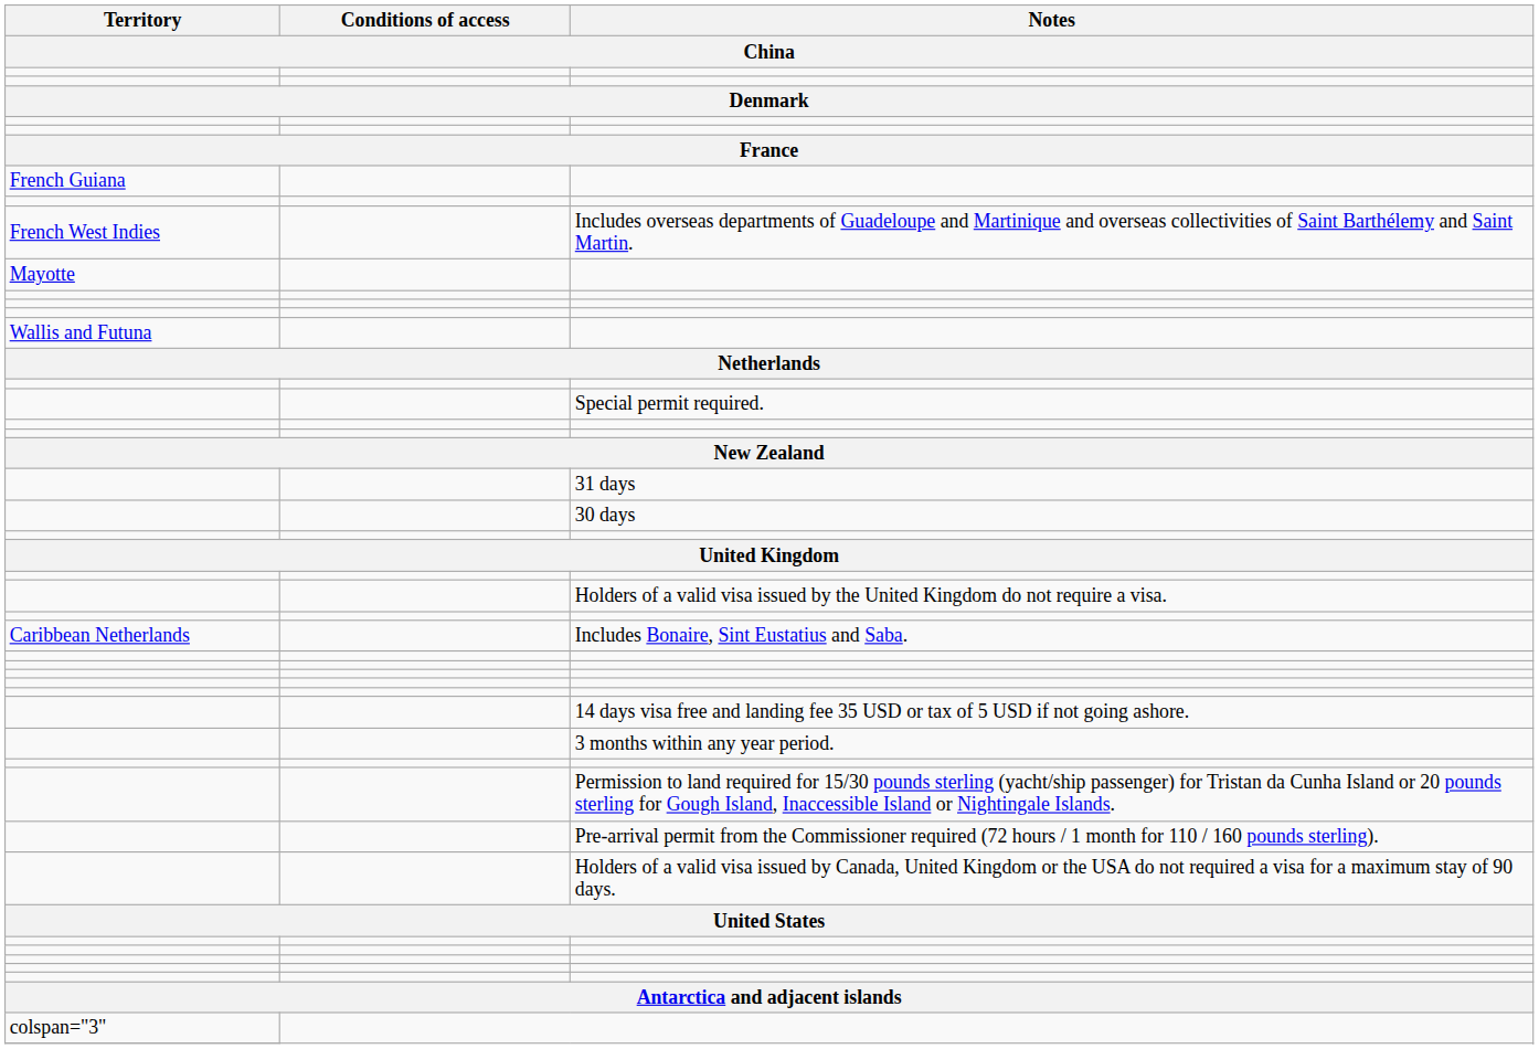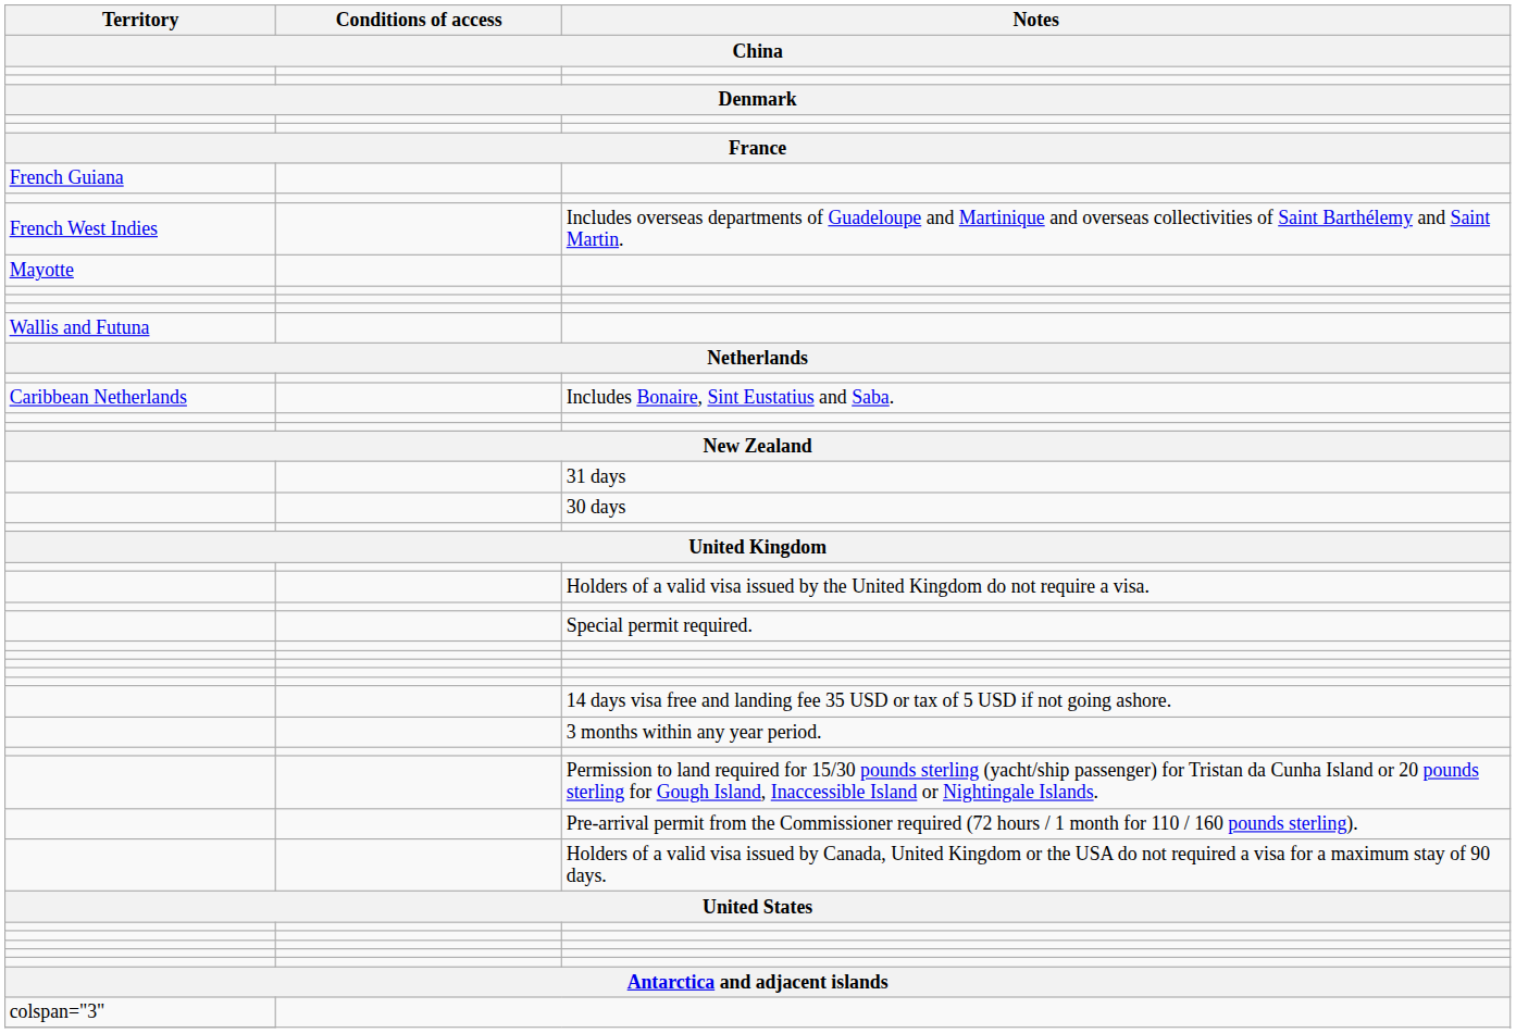 <table class="wikitable" style="text-align: left; table-layout: fixed;">
 <tr>
 <th width="18%">Territory</th>
 <th width="19%">Conditions of access</th>
 <th>Notes</th>
 </tr>
 <tr>
 <th colspan="3">China</th>
 </tr>
 <tr>
 <td></td>
 <td></td>
 <td></td>
 </tr>
 <tr>
 <td></td>
 <td></td>
 <td></td>
 </tr>
 <tr>
 <th colspan="3">Denmark</th>
 </tr>
 <tr>
 <td></td>
 <td></td>
 <td></td>
 </tr>
 <tr>
 <td></td>
 <td></td>
 <td></td>
 </tr>
 <tr>
 <th colspan="3">France</th>
 </tr>
 <tr>
 <td>  <a href='#'>French Guiana</a></td>
 <td></td>
 <td></td>
 </tr>
 <tr>
 <td></td>
 <td></td>
 <td></td>
 </tr>
 <tr>
 <td> <a href='#'>French West Indies</a></td>
 <td></td>
 <td>Includes overseas departments of <a href='#'>Guadeloupe</a> and <a href='#'>Martinique</a> and overseas collectivities of <a href='#'>Saint Barthélemy</a> and <a href='#'>Saint Martin</a>.</td>
 </tr>
 <tr>
 <td>  <a href='#'>Mayotte</a></td>
 <td></td>
 <td></td>
 </tr>
 <tr>
 <td></td>
 <td></td>
 <td></td>
 </tr>
 <tr>
 <td></td>
 <td></td>
 <td></td>
 </tr>
 <tr>
 <td></td>
 <td></td>
 <td></td>
 </tr>
 <tr>
 <td>  <a href='#'>Wallis and Futuna</a></td>
 <td></td>
 <td></td>
 </tr>
 <tr>
 <th colspan="3">Netherlands</th>
 </tr>
 <tr>
 <td></td>
 <td></td>
 <td></td>
 </tr>
 <tr>
+<td> <a href='#'>Caribbean Netherlands</a></td>
 <td></td>
-<td></td>
-<td>Special permit required.</td>
+<td>Includes <a href='#'>Bonaire</a>, <a href='#'>Sint Eustatius</a> and <a href='#'>Saba</a>.</td>
 </tr>
 <tr>
 <td></td>
 <td></td>
 <td></td>
 </tr>
 <tr>
 <td></td>
 <td></td>
 <td></td>
 </tr>
 <tr>
 <th colspan="3">New Zealand</th>
 </tr>
 <tr>
 <td></td>
 <td></td>
 <td>31 days</td>
 </tr>
 <tr>
 <td></td>
 <td></td>
 <td>30 days</td>
 </tr>
 <tr>
 <td></td>
 <td></td>
 <td></td>
 </tr>
 <tr>
 <th colspan="3">United Kingdom</th>
 </tr>
 <tr>
 <td></td>
 <td></td>
 <td></td>
 </tr>
 <tr>
 <td></td>
 <td></td>
 <td>Holders of a valid visa issued by the United Kingdom do not require a visa.</td>
 </tr>
 <tr>
 <td></td>
 <td></td>
 <td></td>
 </tr>
 <tr>
-<td> <a href='#'>Caribbean Netherlands</a></td>
 <td></td>
-<td>Includes <a href='#'>Bonaire</a>, <a href='#'>Sint Eustatius</a> and <a href='#'>Saba</a>.</td>
+<td></td>
+<td>Special permit required.</td>
 </tr>
 <tr>
 <td></td>
 <td></td>
 <td></td>
 </tr>
 <tr>
 <td></td>
 <td></td>
 <td></td>
 </tr>
 <tr>
 <td></td>
 <td></td>
 <td></td>
 </tr>
 <tr>
 <td></td>
 <td></td>
 <td></td>
 </tr>
 <tr>
 <td></td>
 <td></td>
 <td></td>
 </tr>
 <tr>
 <td></td>
 <td></td>
 <td>14 days visa free and landing fee 35 USD or tax of 5 USD if not going ashore.</td>
 </tr>
 <tr>
 <td></td>
 <td></td>
 <td>3 months within any year period.</td>
 </tr>
 <tr>
 <td></td>
 <td></td>
 <td></td>
 </tr>
 <tr>
 <td></td>
 <td></td>
 <td>Permission to land required for 15/30 <a href='#'>pounds sterling</a> (yacht/ship passenger) for Tristan da Cunha Island or 20 <a href='#'>pounds sterling</a> for <a href='#'>Gough Island</a>, <a href='#'>Inaccessible Island</a> or <a href='#'>Nightingale Islands</a>.</td>
 </tr>
 <tr>
 <td></td>
 <td></td>
 <td>Pre-arrival permit from the Commissioner required (72 hours / 1 month for 110 / 160 <a href='#'>pounds sterling</a>).</td>
 </tr>
 <tr>
 <td></td>
 <td></td>
 <td>Holders of a valid visa issued by Canada, United Kingdom or the USA do not required a visa for a maximum stay of 90 days.</td>
 </tr>
 <tr>
 <th colspan="3">United States</th>
 </tr>
 <tr>
 <td></td>
 <td></td>
 <td></td>
 </tr>
 <tr>
 <td></td>
 <td></td>
 <td></td>
 </tr>
 <tr>
 <td></td>
 <td></td>
 <td></td>
 </tr>
 <tr>
 <td></td>
 <td></td>
 <td></td>
 </tr>
 <tr>
 <td></td>
 <td></td>
 <td></td>
 </tr>
 <tr>
 <th colspan="3"><a href='#'>Antarctica</a> and adjacent islands</th>
 </tr>
 <tr>
 <td>colspan="3" </td>
 </tr>
 <tr>
 </tr>
 </table>
